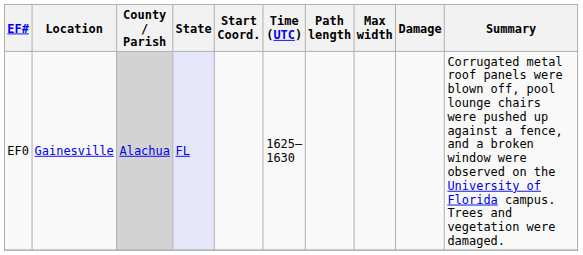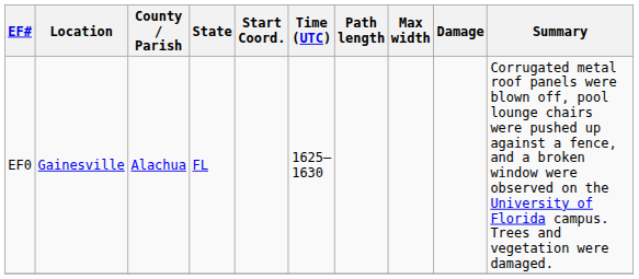 <table class="wikitable sortable" style="width:100%;">
 <tr>
 <th scope="col" width="3%" align="center"><a href='#'>EF#</a></th>
 <th scope="col" width="7%" align="center" class="unsortable">Location</th>
 <th scope="col" width="6%" align="center" class="unsortable">County / Parish</th>
 <th scope="col" width="5%" align="center">State</th>
 <th scope="col" width="6%" align="center">Start Coord.</th>
 <th scope="col" width="6%" align="center">Time (<a href='#'>UTC</a>)</th>
 <th scope="col" width="6%" align="center">Path length</th>
 <th scope="col" width="6%" align="center">Max width</th>
 <th scope="col" width="6%" align="center">Damage</th>
 <th scope="col" width="48%" class="unsortable" align="center">Summary</th>
 </tr>
 <tr>
 <td>EF0</td>
 <td><a href='#'>Gainesville</a></td>
-<td style="background: lightgrey;"><a href='#'>Alachua</a></td>
-<td style="background: lavender;"><a href='#'>FL</a></td>
+<td><a href='#'>Alachua</a></td>
+<td><a href='#'>FL</a></td>
 <td></td>
 <td>1625–1630</td>
 <td></td>
 <td></td>
 <td></td>
 <td>Corrugated metal roof panels were blown off, pool lounge chairs were pushed up against a fence, and a broken window were observed on the <a href='#'>University of Florida</a> campus. Trees and vegetation were damaged.</td>
 </tr>
 <tr>
 </tr>
 </table>
